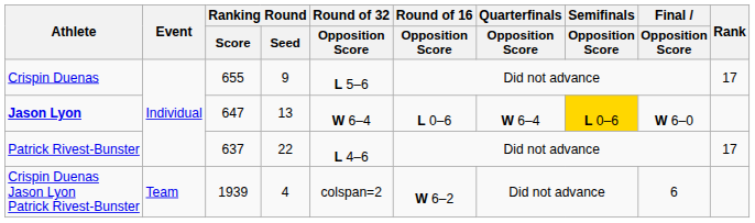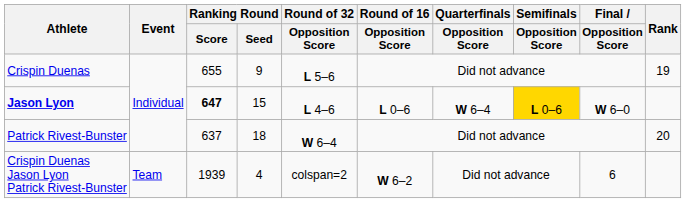 <table class="wikitable" style="font-size:90%">
 <tr>
 <th rowspan=2>Athlete</th>
 <th rowspan=2>Event</th>
 <th colspan=2>Ranking Round</th>
 <th>Round of 32</th>
 <th>Round of 16</th>
 <th>Quarterfinals</th>
 <th>Semifinals</th>
 <th>Final / </th>
 <th rowspan=2>Rank</th>
 </tr>
 <tr style="font-size:95%">
 <th>Score</th>
 <th>Seed</th>
 <th>Opposition<br>Score</th>
 <th>Opposition<br>Score</th>
 <th>Opposition<br>Score</th>
 <th>Opposition<br>Score</th>
 <th>Opposition<br>Score</th>
 </tr>
 <tr align=center>
 <td align=left><a href='#'>Crispin Duenas</a></td>
 <td align=left rowspan=3><a href='#'>Individual</a></td>
 <td>655</td>
 <td>9</td>
 <td><br><strong>L</strong> 5–6</td>
 <td colspan=4>Did not advance</td>
-<td>17</td>
+<td>19</td>
 </tr>
 <tr align=center>
 <td align=left><strong><a href='#'>Jason Lyon</a></strong></td>
-<td>647</td>
-<td>13</td>
-<td><br><strong>W</strong> 6–4</td>
+<td><strong>647</strong></td>
+<td>15</td>
+<td><br><strong>L</strong> 4–6</td>
 <td><br><strong>L</strong> 0–6</td>
 <td><br><strong>W</strong> 6–4</td>
 <td style="background: gold;"><br><strong>L</strong> 0–6</td>
 <td><br><strong>W</strong> 6–0</td>
 <td></td>
 </tr>
 <tr align=center>
 <td align=left><a href='#'>Patrick Rivest-Bunster</a></td>
 <td>637</td>
-<td>22</td>
-<td><br><strong>L</strong> 4–6</td>
+<td>18</td>
+<td><br><strong>W</strong> 6–4</td>
 <td colspan=4>Did not advance</td>
-<td>17</td>
+<td>20</td>
 </tr>
 <tr align=center>
 <td align=left><a href='#'>Crispin Duenas</a><br><a href='#'>Jason Lyon</a><br><a href='#'>Patrick Rivest-Bunster</a></td>
 <td align=left><a href='#'>Team</a></td>
 <td>1939</td>
 <td>4</td>
 <td>colspan=2 </td>
 <td><br><strong>W</strong> 6–2</td>
 <td colspan=2>Did not advance</td>
 <td>6</td>
 </tr>
 </table>
